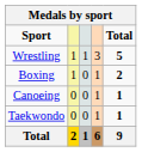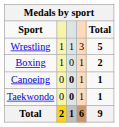 <table class="wikitable" style=font-size:85%;float:center;text-align:center>
 <tr style="background:#efefef;">
 <th colspan=5><strong>Medals by sport</strong></th>
 </tr>
 <tr align=center>
 <td><strong>Sport</strong></td>
 <td bgcolor=#f7f6a8></td>
 <td bgcolor=#dce5e5></td>
 <td bgcolor=#ffdab9></td>
 <td><strong>Total</strong></td>
 </tr>
 <tr align=center>
 <td><a href='#'>Wrestling</a></td>
 <td style="background:#F7F6A8;">1</td>
 <td style="background:#DCE5E5;">1</td>
 <td style="background:#FFDAB9;">3</td>
 <td><strong>5</strong></td>
 </tr>
 <tr align=center>
 <td><a href='#'>Boxing</a></td>
 <td style="background:#F7F6A8;">1</td>
 <td style="background:#DCE5E5;">0</td>
 <td style="background:#FFDAB9;">1</td>
 <td><strong>2</strong></td>
 </tr>
 <tr align=center>
 <td><a href='#'>Canoeing</a></td>
 <td style="background:#F7F6A8;">0</td>
-<td style="background:#DCE5E5;">0</td>
+<td style="background:#DCE5E5;"><strong>0</strong></td>
 <td style="background:#FFDAB9;">1</td>
 <td><strong>1</strong></td>
 </tr>
 <tr align=center>
 <td><a href='#'>Taekwondo</a></td>
 <td style="background:#F7F6A8;">0</td>
-<td style="background:#DCE5E5;">0</td>
+<td style="background:#DCE5E5;"><strong>0</strong></td>
 <td style="background:#FFDAB9;">1</td>
 <td><strong>1</strong></td>
 </tr>
 <tr align=center>
 <th><strong>Total</strong></th>
 <th style="background:gold;"><strong>2</strong></th>
 <th style="background:silver;"><strong>1</strong></th>
 <th style="background:#c96;"><strong>6</strong></th>
 <th><strong>9</strong></th>
 </tr>
 </table>
